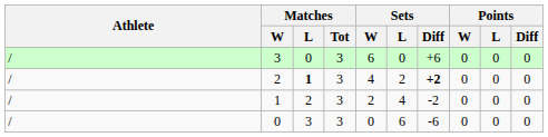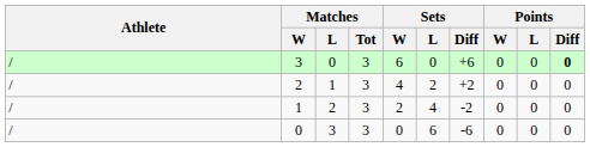 <table class=wikitable style="text-align:center">
 <tr>
 <th rowspan=2 width=300>Athlete</th>
 <th colspan=3 width=90>Matches</th>
 <th colspan=3 width=90>Sets</th>
 <th colspan=3 width=90>Points</th>
 </tr>
 <tr>
 <th width=30>W</th>
 <th width=30>L</th>
 <th width=30>Tot</th>
 <th width=30>W</th>
 <th width=30>L</th>
 <th width=30>Diff</th>
 <th width=30>W</th>
 <th width=30>L</th>
 <th width=30>Diff</th>
 </tr>
 <tr bgcolor=ccffcc>
 <td style="text-align:left">/</td>
 <td>3</td>
 <td>0</td>
 <td>3</td>
 <td>6</td>
 <td>0</td>
 <td>+6</td>
 <td>0</td>
 <td>0</td>
-<td>0</td>
+<td><strong>0</strong></td>
 </tr>
 <tr>
 <td style="text-align:left">/</td>
 <td>2</td>
-<td><strong>1</strong></td>
+<td>1</td>
 <td>3</td>
 <td>4</td>
 <td>2</td>
-<td><strong>+2</strong></td>
+<td>+2</td>
 <td>0</td>
 <td>0</td>
 <td>0</td>
 </tr>
 <tr>
 <td style="text-align:left">/</td>
 <td>1</td>
 <td>2</td>
 <td>3</td>
 <td>2</td>
 <td>4</td>
 <td>-2</td>
 <td>0</td>
 <td>0</td>
 <td>0</td>
 </tr>
 <tr>
 <td style="text-align:left">/</td>
 <td>0</td>
 <td>3</td>
 <td>3</td>
 <td>0</td>
 <td>6</td>
 <td>-6</td>
 <td>0</td>
 <td>0</td>
 <td>0</td>
 </tr>
 </table>
